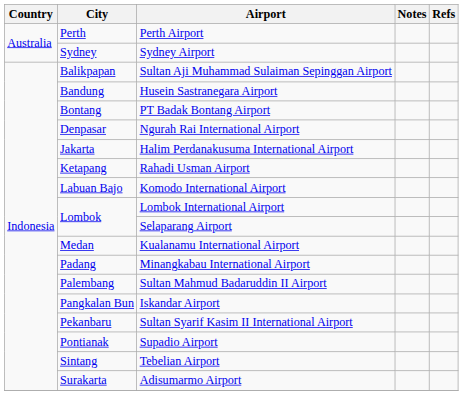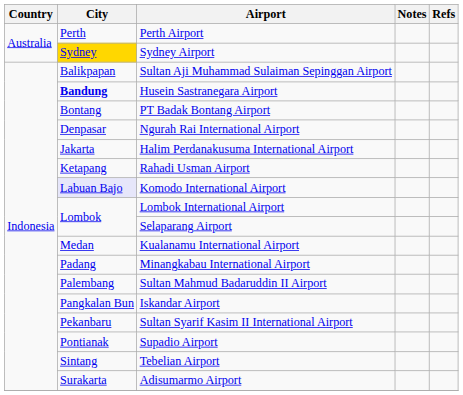 <table class="sortable wikitable">
 <tr>
 <th>Country</th>
 <th>City</th>
 <th>Airport</th>
 <th>Notes</th>
 <th class="unsortable">Refs</th>
 </tr>
 <tr>
 <td rowspan="2"><a href='#'>Australia</a></td>
 <td><a href='#'>Perth</a></td>
 <td><a href='#'>Perth Airport</a></td>
 <td></td>
 <td align=center></td>
 </tr>
 <tr>
-<td><a href='#'>Sydney</a></td>
+<td style="background: gold;"><a href='#'>Sydney</a></td>
 <td><a href='#'>Sydney Airport</a></td>
 <td></td>
 <td align=center></td>
 </tr>
 <tr>
 <td rowspan="17"><a href='#'>Indonesia</a></td>
 <td><a href='#'>Balikpapan</a></td>
 <td><a href='#'>Sultan Aji Muhammad Sulaiman Sepinggan Airport</a></td>
 <td></td>
 <td align=center></td>
 </tr>
 <tr>
-<td><a href='#'>Bandung</a></td>
+<td><strong><a href='#'>Bandung</a></strong></td>
 <td><a href='#'>Husein Sastranegara Airport</a></td>
 <td></td>
 <td align=center></td>
 </tr>
 <tr>
 <td><a href='#'>Bontang</a></td>
 <td><a href='#'>PT Badak Bontang Airport</a></td>
 <td></td>
 <td align=center></td>
 </tr>
 <tr>
 <td><a href='#'>Denpasar</a></td>
 <td><a href='#'>Ngurah Rai International Airport</a></td>
 <td align=center></td>
 <td align=center></td>
 </tr>
 <tr>
 <td><a href='#'>Jakarta</a></td>
 <td><a href='#'>Halim Perdanakusuma International Airport</a></td>
 <td></td>
 <td align=center></td>
 </tr>
 <tr>
 <td><a href='#'>Ketapang</a></td>
 <td><a href='#'>Rahadi Usman Airport</a></td>
 <td></td>
 <td align=center></td>
 </tr>
 <tr>
-<td><a href='#'>Labuan Bajo</a></td>
+<td style="background: lavender;"><a href='#'>Labuan Bajo</a></td>
 <td><a href='#'>Komodo International Airport</a></td>
 <td align=center></td>
 <td align=center></td>
 </tr>
 <tr>
 <td rowspan="2"><a href='#'>Lombok</a></td>
 <td><a href='#'>Lombok International Airport</a></td>
 <td></td>
 <td align=center></td>
 </tr>
 <tr>
 <td><a href='#'>Selaparang Airport</a></td>
 <td></td>
 <td align=center></td>
 </tr>
 <tr>
 <td><a href='#'>Medan</a></td>
 <td><a href='#'>Kualanamu International Airport</a></td>
 <td></td>
 <td align=center></td>
 </tr>
 <tr>
 <td><a href='#'>Padang</a></td>
 <td><a href='#'>Minangkabau International Airport</a></td>
 <td></td>
 <td align=center></td>
 </tr>
 <tr>
 <td><a href='#'>Palembang</a></td>
 <td><a href='#'>Sultan Mahmud Badaruddin II Airport</a></td>
 <td></td>
 <td align=center></td>
 </tr>
 <tr>
 <td><a href='#'>Pangkalan Bun</a></td>
 <td><a href='#'>Iskandar Airport</a></td>
 <td></td>
 <td align=center></td>
 </tr>
 <tr>
 <td><a href='#'>Pekanbaru</a></td>
 <td><a href='#'>Sultan Syarif Kasim II International Airport</a></td>
 <td></td>
 <td align=center></td>
 </tr>
 <tr>
 <td><a href='#'>Pontianak</a></td>
 <td><a href='#'>Supadio Airport</a></td>
 <td></td>
 <td align=center></td>
 </tr>
 <tr>
 <td><a href='#'>Sintang</a></td>
 <td><a href='#'>Tebelian Airport</a></td>
 <td></td>
 <td align=center></td>
 </tr>
 <tr>
 <td><a href='#'>Surakarta</a></td>
 <td><a href='#'>Adisumarmo Airport</a></td>
 <td></td>
 <td align=center></td>
 </tr>
 <tr>
 </tr>
 </table>
